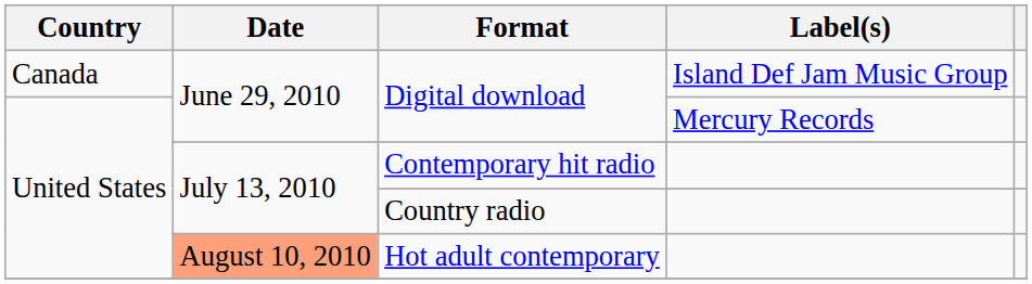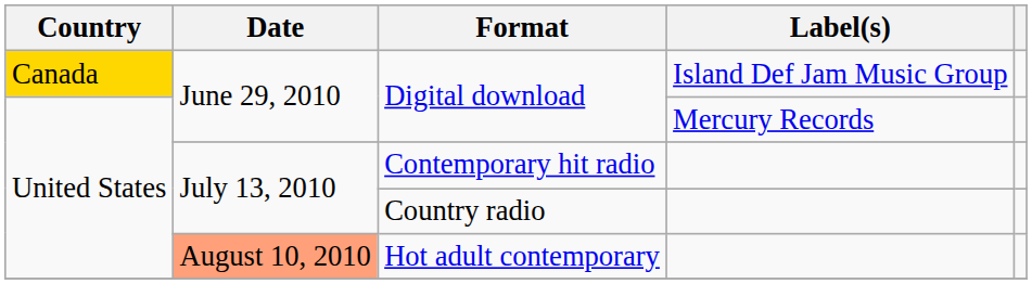 <table class="wikitable">
 <tr>
 <th>Country</th>
 <th>Date</th>
 <th>Format</th>
 <th>Label(s)</th>
 <th></th>
 </tr>
 <tr>
-<td>Canada</td>
+<td style="background: gold;">Canada</td>
 <td rowspan="2">June 29, 2010</td>
 <td rowspan="2"><a href='#'>Digital download</a></td>
 <td><a href='#'>Island Def Jam Music Group</a></td>
 <td></td>
 </tr>
 <tr>
 <td rowspan="4">United States</td>
 <td><a href='#'>Mercury Records</a></td>
 <td></td>
 </tr>
 <tr>
 <td rowspan="2">July 13, 2010</td>
 <td><a href='#'>Contemporary hit radio</a></td>
 <td></td>
 <td></td>
 </tr>
 <tr>
 <td>Country radio</td>
 <td></td>
 <td></td>
 </tr>
 <tr>
 <td style="background: lightsalmon;">August 10, 2010</td>
 <td><a href='#'>Hot adult contemporary</a></td>
 <td></td>
 <td></td>
 </tr>
 <tr>
 </tr>
 </table>
